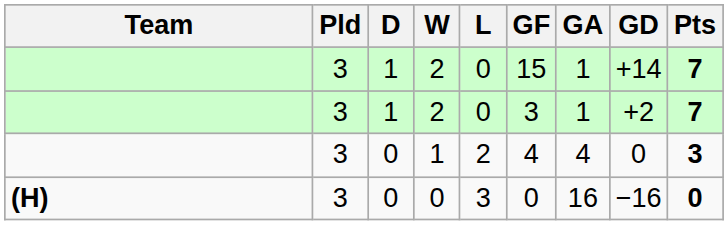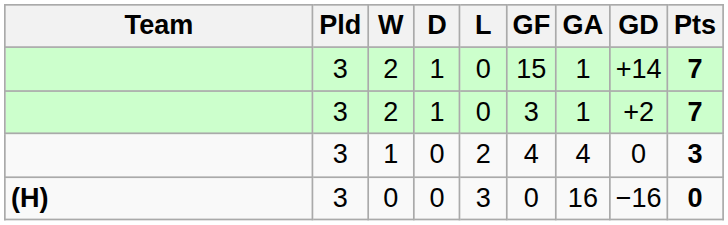 <table class="wikitable" style="text-align:center;">
 <tr>
 <th width=175>Team</th>
 <th width=20 abbr="Played">Pld</th>
+<th width=20 abbr="Won">W</th>
 <th width=20 abbr="Drawn">D</th>
-<th width=20 abbr="Won">W</th>
 <th width=20 abbr="Lost">L</th>
 <th width=20 abbr="Goals for">GF</th>
 <th width=20 abbr="Goals against">GA</th>
 <th width=20 abbr="Goal difference">GD</th>
 <th width=20 abbr="Points">Pts</th>
 </tr>
 <tr style="background:#ccffcc;">
 <td align=left></td>
 <td>3</td>
+<td>2</td>
 <td>1</td>
-<td>2</td>
 <td>0</td>
 <td>15</td>
 <td>1</td>
 <td>+14</td>
 <td><strong>7</strong></td>
 </tr>
 <tr style="background:#ccffcc;">
 <td align=left></td>
 <td>3</td>
+<td>2</td>
 <td>1</td>
-<td>2</td>
 <td>0</td>
 <td>3</td>
 <td>1</td>
 <td>+2</td>
 <td><strong>7</strong></td>
 </tr>
 <tr>
 <td align=left></td>
 <td>3</td>
+<td>1</td>
 <td>0</td>
-<td>1</td>
 <td>2</td>
 <td>4</td>
 <td>4</td>
 <td>0</td>
 <td><strong>3</strong></td>
 </tr>
 <tr>
 <td align=left> <strong>(H)</strong></td>
 <td>3</td>
 <td>0</td>
 <td>0</td>
 <td>3</td>
 <td>0</td>
 <td>16</td>
 <td>−16</td>
 <td><strong>0</strong></td>
 </tr>
 </table>
